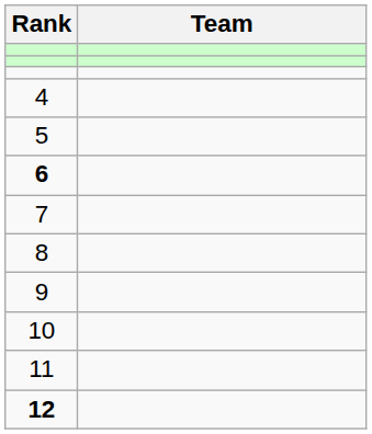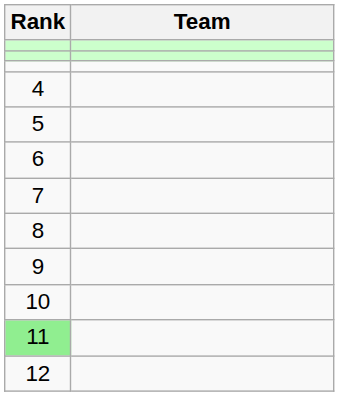 <table class="wikitable" style="text-align:center;">
 <tr>
 <th width=40>Rank</th>
 <th width=180>Team</th>
 </tr>
 <tr bgcolor=#ccffcc>
 <td></td>
 <td style="text-align:left;"></td>
 </tr>
 <tr bgcolor=#ccffcc>
 <td></td>
 <td style="text-align:left;"></td>
 </tr>
 <tr>
 <td></td>
 <td style="text-align:left;"></td>
 </tr>
 <tr>
 <td>4</td>
 <td style="text-align:left;"></td>
 </tr>
 <tr>
 <td>5</td>
 <td style="text-align:left;"></td>
 </tr>
 <tr>
-<td><strong>6</strong></td>
+<td>6</td>
 <td style="text-align:left;"></td>
 </tr>
 <tr>
 <td>7</td>
 <td style="text-align:left;"></td>
 </tr>
 <tr>
 <td>8</td>
 <td style="text-align:left;"></td>
 </tr>
 <tr>
 <td>9</td>
 <td style="text-align:left;"></td>
 </tr>
 <tr>
 <td>10</td>
 <td style="text-align:left;"></td>
 </tr>
 <tr>
-<td>11</td>
+<td style="background: lightgreen;">11</td>
 <td style="text-align:left;"></td>
 </tr>
 <tr>
-<td><strong>12</strong></td>
+<td>12</td>
 <td style="text-align:left;"></td>
 </tr>
 </table>
